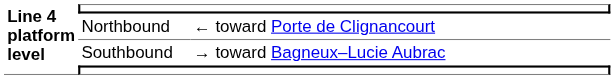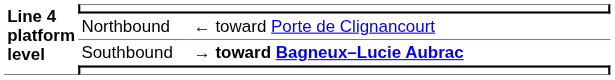 <table border=0 cellspacing=0 cellpadding=3>
 <tr>
 <td style="border-bottom:solid 1px gray;" width=50 rowspan=10 valign=top><strong>Line 4 platform level</strong></td>
 <td style="border-top:solid 1px gray;border-right:solid 2px black;border-left:solid 2px black;border-bottom:solid 2px black;text-align:center;" colspan=2></td>
 </tr>
 <tr>
 <td style="border-bottom:solid 1px gray;" width=100>Northbound</td>
 <td style="border-bottom:solid 1px gray;" width=390>←   toward <a href='#'>Porte de Clignancourt</a> </td>
 </tr>
 <tr>
 <td>Southbound</td>
-<td>→   toward <a href='#'>Bagneux–Lucie Aubrac</a> </td>
+<td><strong>→   toward <a href='#'>Bagneux–Lucie Aubrac</a> </strong></td>
 </tr>
 <tr>
 <td style="border-top:solid 2px black;border-right:solid 2px black;border-left:solid 2px black;border-bottom:solid 1px gray;text-align:center;" colspan=2></td>
 </tr>
 </table>
